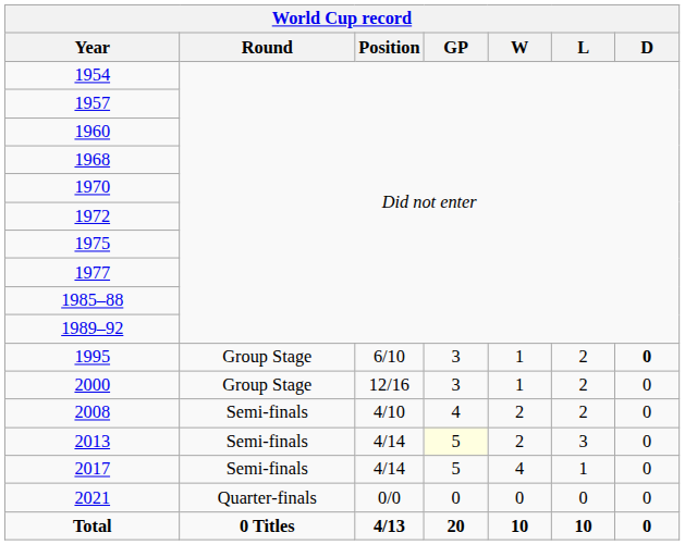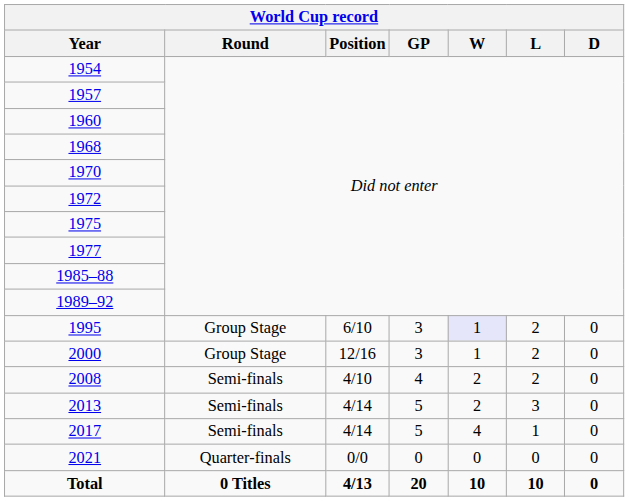 <table class="wikitable" style="text-align: center;">
 <tr>
 <th colspan="9"><a href='#'>World Cup record</a></th>
 </tr>
 <tr>
 <th width="150">Year</th>
 <th width="150">Round</th>
 <th width="50">Position</th>
 <th width="50">GP</th>
 <th width="50">W</th>
 <th width="50">L</th>
 <th width="50">D</th>
 </tr>
 <tr>
 <td> <a href='#'>1954</a></td>
 <td colspan="6" rowspan="10"><em>Did not enter</em></td>
 </tr>
 <tr>
 <td> <a href='#'>1957</a></td>
 </tr>
 <tr>
 <td> <a href='#'>1960</a></td>
 </tr>
 <tr>
 <td>  <a href='#'>1968</a></td>
 </tr>
 <tr>
 <td> <a href='#'>1970</a></td>
 </tr>
 <tr>
 <td> <a href='#'>1972</a></td>
 </tr>
 <tr>
 <td><a href='#'>1975</a></td>
 </tr>
 <tr>
 <td>  <a href='#'>1977</a></td>
 </tr>
 <tr>
 <td><a href='#'>1985–88</a></td>
 </tr>
 <tr>
 <td><a href='#'>1989–92</a></td>
 </tr>
 <tr>
 <td> <a href='#'>1995</a></td>
 <td>Group Stage</td>
 <td>6/10</td>
 <td>3</td>
-<td>1</td>
+<td style="background: lavender;">1</td>
 <td>2</td>
-<td><strong>0</strong></td>
+<td>0</td>
 </tr>
 <tr>
 <td> <a href='#'>2000</a></td>
 <td>Group Stage</td>
 <td>12/16</td>
 <td>3</td>
 <td>1</td>
 <td>2</td>
 <td>0</td>
 </tr>
 <tr>
 <td> <a href='#'>2008</a></td>
 <td>Semi-finals</td>
 <td>4/10</td>
 <td>4</td>
 <td>2</td>
 <td>2</td>
 <td>0</td>
 </tr>
 <tr>
 <td> <a href='#'>2013</a></td>
 <td>Semi-finals</td>
 <td>4/14</td>
-<td style="background: lightyellow;">5</td>
+<td>5</td>
 <td>2</td>
 <td>3</td>
 <td>0</td>
 </tr>
 <tr>
 <td> <a href='#'>2017</a></td>
 <td>Semi-finals</td>
 <td>4/14</td>
 <td>5</td>
 <td>4</td>
 <td>1</td>
 <td>0</td>
 </tr>
 <tr>
 <td> <a href='#'>2021</a></td>
 <td>Quarter-finals</td>
 <td>0/0</td>
 <td>0</td>
 <td>0</td>
 <td>0</td>
 <td>0</td>
 </tr>
 <tr>
 <td><strong>Total</strong></td>
 <td><strong>0 Titles</strong></td>
 <td><strong>4/13</strong></td>
 <td><strong>20</strong></td>
 <td><strong>10</strong></td>
 <td><strong>10</strong></td>
 <td><strong>0</strong></td>
 </tr>
 </table>
